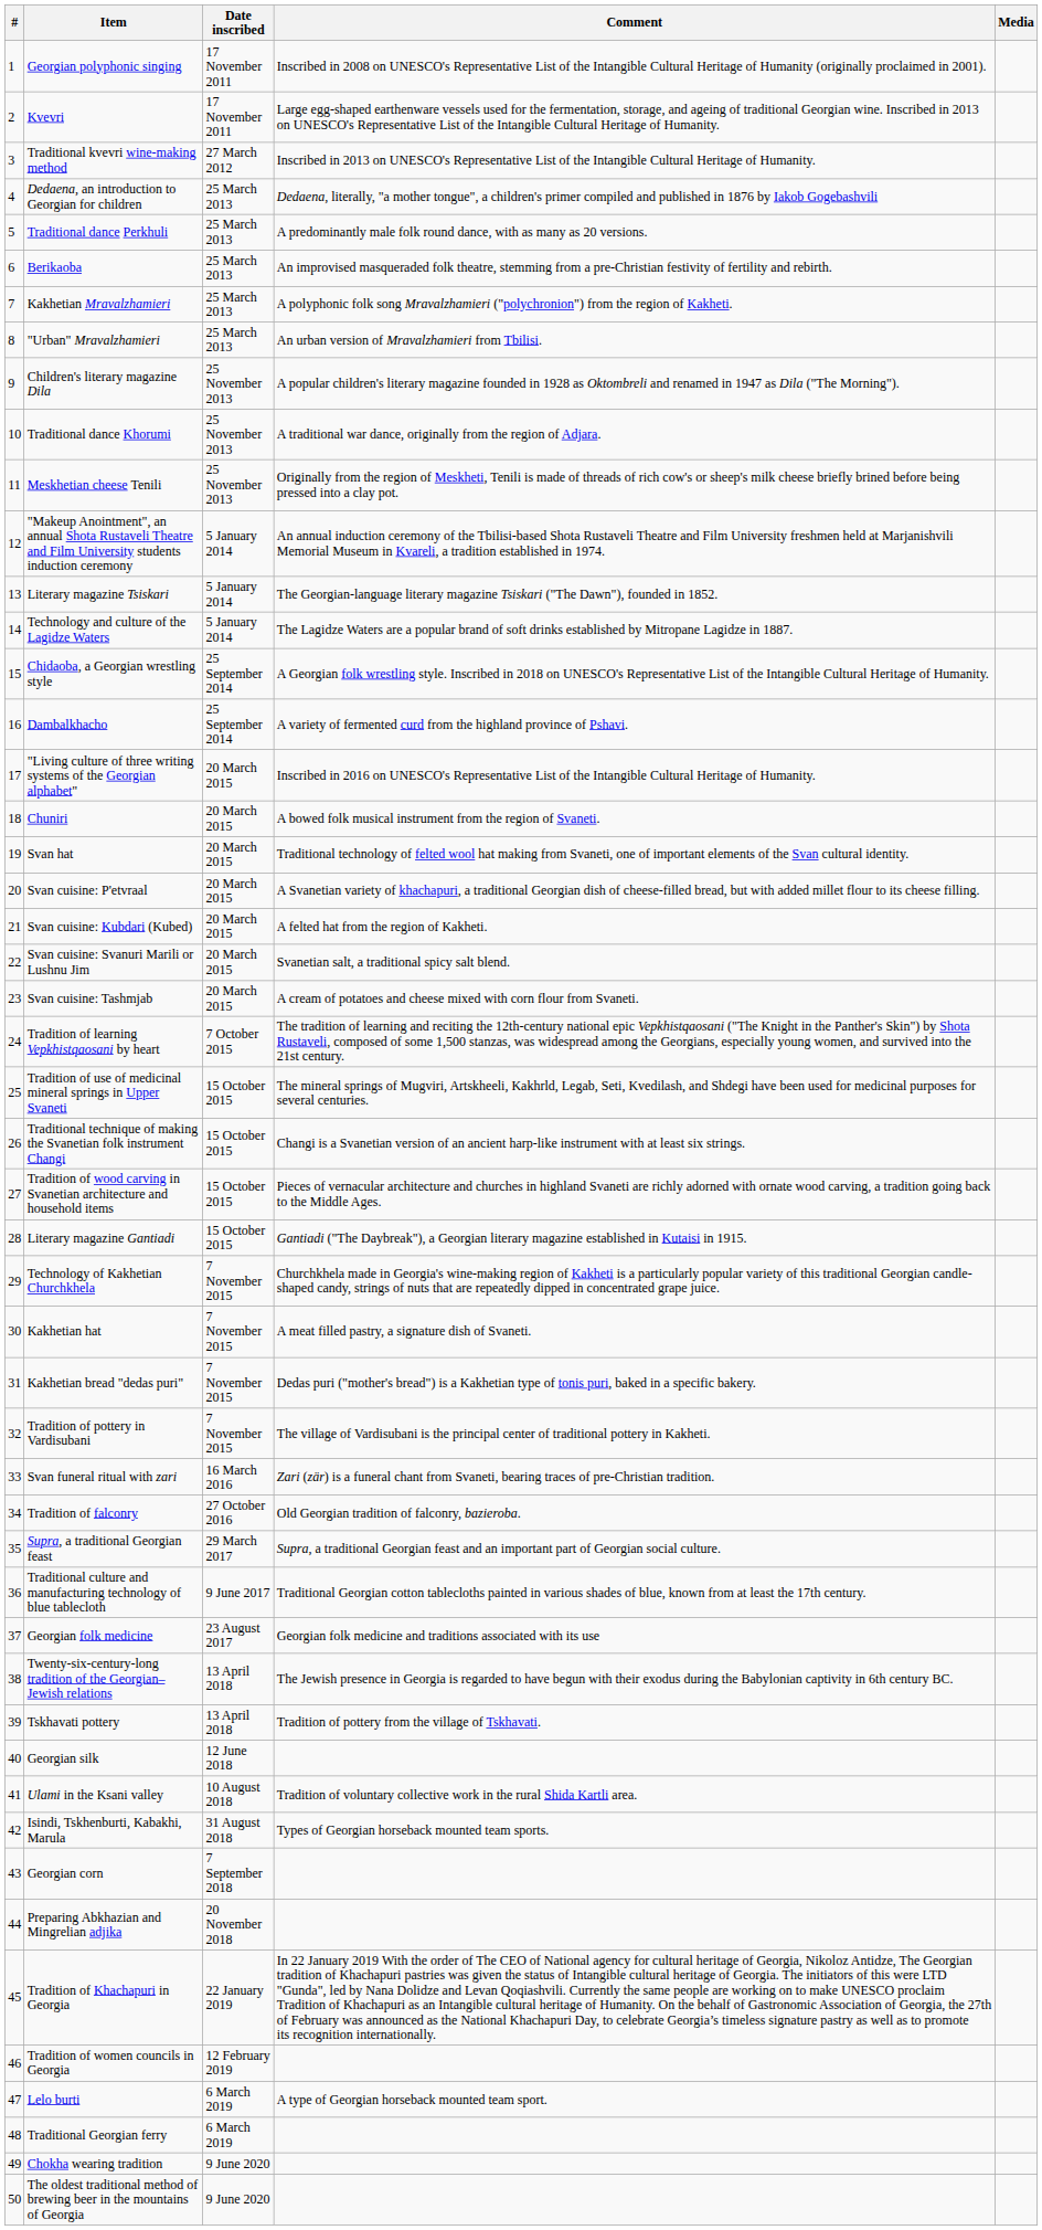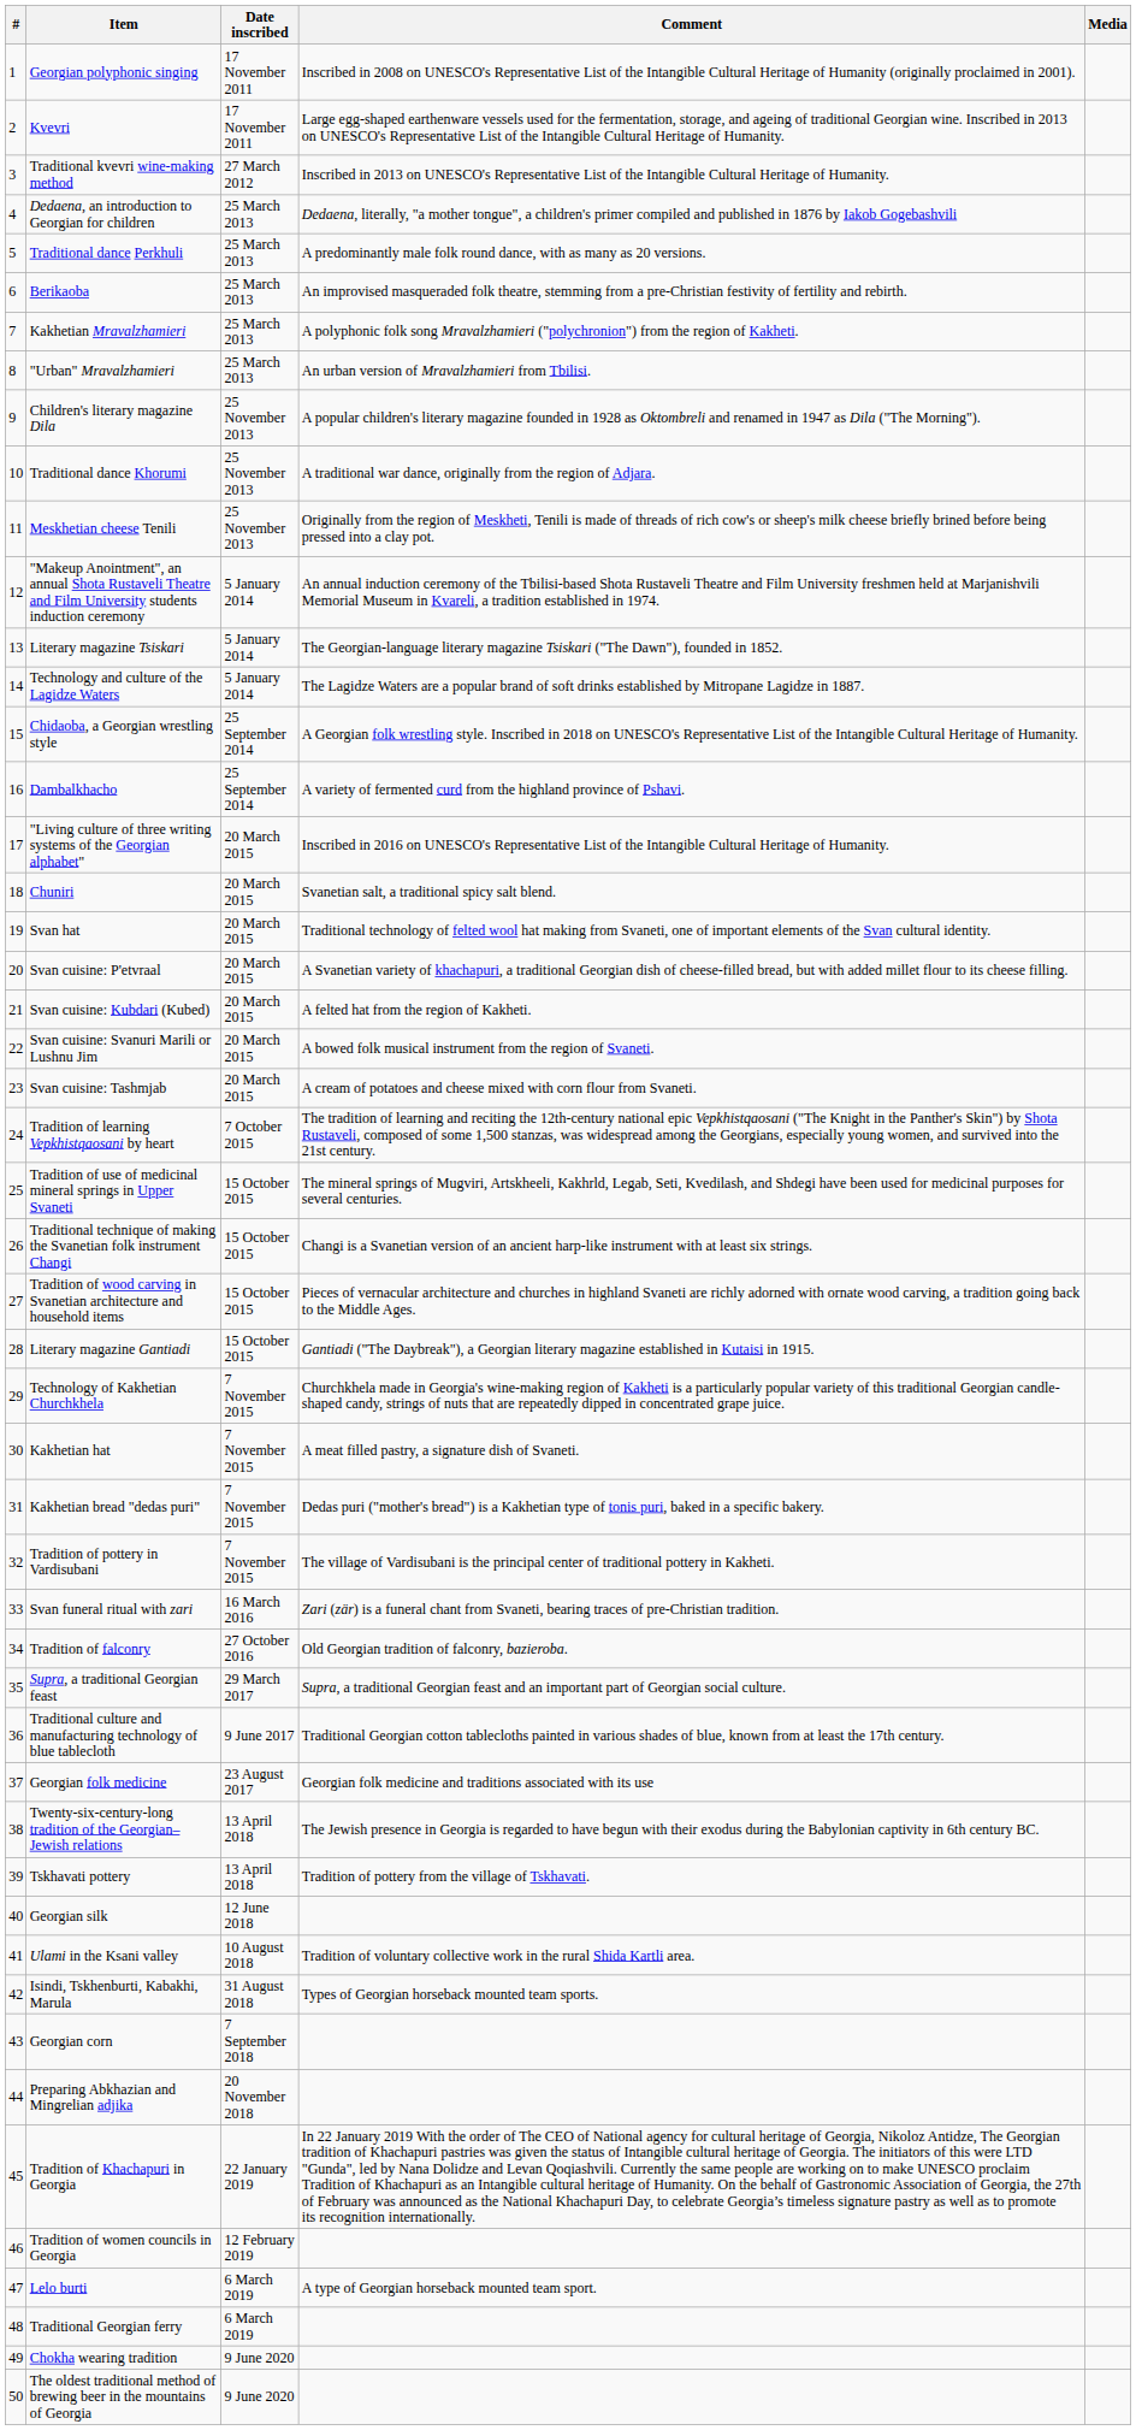 <table class="wikitable">
 <tr>
 <th>#</th>
 <th>Item</th>
 <th>Date inscribed</th>
 <th>Comment</th>
 <th>Media</th>
 </tr>
 <tr>
 <td>1</td>
 <td><a href='#'>Georgian polyphonic singing</a></td>
 <td>17 November 2011</td>
 <td>Inscribed in 2008 on UNESCO's Representative List of the Intangible Cultural Heritage of Humanity (originally proclaimed in 2001).</td>
 <td><br></td>
 </tr>
 <tr>
 <td>2</td>
 <td><a href='#'>Kvevri</a></td>
 <td>17 November 2011</td>
 <td>Large egg-shaped earthenware vessels used for the fermentation, storage, and ageing of traditional Georgian wine. Inscribed in 2013 on UNESCO's Representative List of the Intangible Cultural Heritage of Humanity.</td>
 <td></td>
 </tr>
 <tr>
 <td>3</td>
 <td>Traditional kvevri <a href='#'>wine-making method</a></td>
 <td>27 March 2012</td>
 <td>Inscribed in 2013 on UNESCO's Representative List of the Intangible Cultural Heritage of Humanity.</td>
 <td></td>
 </tr>
 <tr>
 <td>4</td>
 <td><em>Dedaena</em>, an introduction to Georgian for children</td>
 <td>25 March 2013</td>
 <td><em>Dedaena</em>, literally, "a mother tongue", a children's primer compiled and published in 1876 by <a href='#'>Iakob Gogebashvili</a></td>
 <td></td>
 </tr>
 <tr>
 <td>5</td>
 <td><a href='#'>Traditional dance</a> <a href='#'>Perkhuli</a></td>
 <td>25 March 2013</td>
 <td>A predominantly male folk round dance, with as many as 20 versions.</td>
 <td></td>
 </tr>
 <tr>
 <td>6</td>
 <td><a href='#'>Berikaoba</a></td>
 <td>25 March 2013</td>
 <td>An improvised masqueraded folk theatre, stemming from a pre-Christian festivity of fertility and rebirth.</td>
 <td></td>
 </tr>
 <tr>
 <td>7</td>
 <td>Kakhetian <em><a href='#'>Mravalzhamieri</a></em></td>
 <td>25 March 2013</td>
 <td>A polyphonic folk song <em>Mravalzhamieri</em> ("<a href='#'>polychronion</a>") from the region of <a href='#'>Kakheti</a>.</td>
 <td></td>
 </tr>
 <tr>
 <td>8</td>
 <td>"Urban" <em>Mravalzhamieri</em></td>
 <td>25 March 2013</td>
 <td>An urban version of <em>Mravalzhamieri</em> from <a href='#'>Tbilisi</a>.</td>
 <td></td>
 </tr>
 <tr>
 <td>9</td>
 <td>Children's literary magazine <em>Dila</em></td>
 <td>25 November 2013</td>
 <td>A popular children's literary magazine founded in 1928 as <em>Oktombreli</em> and renamed in 1947 as <em>Dila</em> ("The Morning").</td>
 <td></td>
 </tr>
 <tr>
 <td>10</td>
 <td>Traditional dance <a href='#'>Khorumi</a></td>
 <td>25 November 2013</td>
 <td>A traditional war dance, originally from the region of <a href='#'>Adjara</a>.</td>
 <td></td>
 </tr>
 <tr>
 <td>11</td>
 <td><a href='#'>Meskhetian cheese</a> Tenili</td>
 <td>25 November 2013</td>
 <td>Originally from the region of <a href='#'>Meskheti</a>, Tenili is made of threads of rich cow's or sheep's milk cheese briefly brined before being pressed into a clay pot.</td>
 <td></td>
 </tr>
 <tr>
 <td>12</td>
 <td>"Makeup Anointment", an annual <a href='#'>Shota Rustaveli Theatre and Film University</a> students induction ceremony</td>
 <td>5 January 2014</td>
 <td>An annual induction ceremony of the Tbilisi-based Shota Rustaveli Theatre and Film University freshmen held at Marjanishvili Memorial Museum in <a href='#'>Kvareli</a>, a tradition established in 1974.</td>
 <td></td>
 </tr>
 <tr>
 <td>13</td>
 <td>Literary magazine <em>Tsiskari</em></td>
 <td>5 January 2014</td>
 <td>The Georgian-language literary magazine <em>Tsiskari</em> ("The Dawn"), founded in 1852.</td>
 <td></td>
 </tr>
 <tr>
 <td>14</td>
 <td>Technology and culture of the <a href='#'>Lagidze Waters</a></td>
 <td>5 January 2014</td>
 <td>The Lagidze Waters are a popular brand of soft drinks established by Mitropane Lagidze in 1887.</td>
 <td></td>
 </tr>
 <tr>
 <td>15</td>
 <td><a href='#'>Chidaoba</a>, a Georgian wrestling style</td>
 <td>25 September 2014</td>
 <td>A Georgian <a href='#'>folk wrestling</a> style. Inscribed in 2018 on UNESCO's Representative List of the Intangible Cultural Heritage of Humanity.</td>
 <td></td>
 </tr>
 <tr>
 <td>16</td>
 <td><a href='#'>Dambalkhacho</a></td>
 <td>25 September 2014</td>
 <td>A variety of fermented <a href='#'>curd</a> from the highland province of <a href='#'>Pshavi</a>.</td>
 <td></td>
 </tr>
 <tr>
 <td>17</td>
 <td>"Living culture of three writing systems of the <a href='#'>Georgian alphabet</a>"</td>
 <td>20 March 2015</td>
 <td>Inscribed in 2016 on UNESCO's Representative List of the Intangible Cultural Heritage of Humanity.</td>
 <td></td>
 </tr>
 <tr>
 <td>18</td>
 <td><a href='#'>Chuniri</a></td>
 <td>20 March 2015</td>
-<td>A bowed folk musical instrument from the region of <a href='#'>Svaneti</a>.</td>
+<td>Svanetian salt, a traditional spicy salt blend.</td>
 <td></td>
 </tr>
 <tr>
 <td>19</td>
 <td>Svan hat</td>
 <td>20 March 2015</td>
 <td>Traditional technology of <a href='#'>felted wool</a> hat making from Svaneti, one of important elements of the <a href='#'>Svan</a> cultural identity.</td>
 <td></td>
 </tr>
 <tr>
 <td>20</td>
 <td>Svan cuisine: P'etvraal</td>
 <td>20 March 2015</td>
 <td>A Svanetian variety of <a href='#'>khachapuri</a>, a traditional Georgian dish of cheese-filled bread, but with added millet flour to its cheese filling.</td>
 <td></td>
 </tr>
 <tr>
 <td>21</td>
 <td>Svan cuisine: <a href='#'>Kubdari</a> (Kubed)</td>
 <td>20 March 2015</td>
 <td>A felted hat from the region of Kakheti.</td>
 <td></td>
 </tr>
 <tr>
 <td>22</td>
 <td>Svan cuisine: Svanuri Marili or Lushnu Jim</td>
 <td>20 March 2015</td>
-<td>Svanetian salt, a traditional spicy salt blend.</td>
+<td>A bowed folk musical instrument from the region of <a href='#'>Svaneti</a>.</td>
 <td></td>
 </tr>
 <tr>
 <td>23</td>
 <td>Svan cuisine: Tashmjab</td>
 <td>20 March 2015</td>
 <td>A cream of potatoes and cheese mixed with corn flour from Svaneti.</td>
 <td></td>
 </tr>
 <tr>
 <td>24</td>
 <td>Tradition of learning <em><a href='#'>Vepkhistqaosani</a></em> by heart</td>
 <td>7 October 2015</td>
 <td>The tradition of learning and reciting the 12th-century national epic <em>Vepkhistqaosani</em> ("The Knight in the Panther's Skin") by <a href='#'>Shota Rustaveli</a>, composed of some 1,500 stanzas, was widespread among the Georgians, especially young women, and survived into the 21st century.</td>
 <td></td>
 </tr>
 <tr>
 <td>25</td>
 <td>Tradition of use of medicinal mineral springs in <a href='#'>Upper Svaneti</a></td>
 <td>15 October 2015</td>
 <td>The mineral springs of Mugviri, Artskheeli, Kakhrld, Legab, Seti, Kvedilash, and Shdegi have been used for medicinal purposes for several centuries.</td>
 <td></td>
 </tr>
 <tr>
 <td>26</td>
 <td>Traditional technique of making the Svanetian folk instrument <a href='#'>Changi</a></td>
 <td>15 October 2015</td>
 <td>Changi is a Svanetian version of an ancient harp-like instrument with at least six strings.</td>
 <td></td>
 </tr>
 <tr>
 <td>27</td>
 <td>Tradition of <a href='#'>wood carving</a> in Svanetian architecture and household items</td>
 <td>15 October 2015</td>
 <td>Pieces of vernacular architecture and churches in highland Svaneti are richly adorned with ornate wood carving, a tradition going back to the Middle Ages.</td>
 <td></td>
 </tr>
 <tr>
 <td>28</td>
 <td>Literary magazine <em>Gantiadi</em></td>
 <td>15 October 2015</td>
 <td><em>Gantiadi</em> ("The Daybreak"), a Georgian literary magazine established in <a href='#'>Kutaisi</a> in 1915.</td>
 <td></td>
 </tr>
 <tr>
 <td>29</td>
 <td>Technology of Kakhetian <a href='#'>Churchkhela</a></td>
 <td>7 November 2015</td>
 <td>Churchkhela made in Georgia's wine-making region of <a href='#'>Kakheti</a> is a particularly popular variety of this traditional Georgian candle-shaped candy, strings of nuts that are repeatedly dipped in concentrated grape juice.</td>
 <td></td>
 </tr>
 <tr>
 <td>30</td>
 <td>Kakhetian hat</td>
 <td>7 November 2015</td>
 <td>A meat filled pastry, a signature dish of Svaneti.</td>
 <td></td>
 </tr>
 <tr>
 <td>31</td>
 <td>Kakhetian bread "dedas puri"</td>
 <td>7 November 2015</td>
 <td>Dedas puri ("mother's bread") is a Kakhetian type of <a href='#'>tonis puri</a>, baked in a specific bakery.</td>
 <td></td>
 </tr>
 <tr>
 <td>32</td>
 <td>Tradition of pottery in Vardisubani</td>
 <td>7 November 2015</td>
 <td>The village of Vardisubani is the principal center of traditional pottery in Kakheti.</td>
 <td></td>
 </tr>
 <tr>
 <td>33</td>
 <td>Svan funeral ritual with <em>zari</em></td>
 <td>16 March 2016</td>
 <td><em>Zari</em> (<em>zär</em>) is a funeral chant from Svaneti, bearing traces of pre-Christian tradition.</td>
 <td></td>
 </tr>
 <tr>
 <td>34</td>
 <td>Tradition of <a href='#'>falconry</a></td>
 <td>27 October 2016</td>
 <td>Old Georgian tradition of falconry, <em>bazieroba</em>.</td>
 <td></td>
 </tr>
 <tr>
 <td>35</td>
 <td><em><a href='#'>Supra</a></em>, a traditional Georgian feast</td>
 <td>29 March 2017</td>
 <td><em>Supra</em>, a traditional Georgian feast and an important part of Georgian social culture.</td>
 <td></td>
 </tr>
 <tr>
 <td>36</td>
 <td>Traditional culture and manufacturing technology of blue tablecloth</td>
 <td>9 June 2017</td>
 <td>Traditional Georgian cotton tablecloths painted in various shades of blue, known from at least the 17th century.</td>
 <td></td>
 </tr>
 <tr>
 <td>37</td>
 <td>Georgian <a href='#'>folk medicine</a></td>
 <td>23 August 2017</td>
 <td>Georgian folk medicine and traditions associated with its use</td>
 <td></td>
 </tr>
 <tr>
 <td>38</td>
 <td>Twenty-six-century-long <a href='#'>tradition of the Georgian–Jewish relations</a></td>
 <td>13 April 2018</td>
 <td>The Jewish presence in Georgia is regarded to have begun with their exodus during the Babylonian captivity in 6th century BC.</td>
 <td></td>
 </tr>
 <tr>
 <td>39</td>
 <td>Tskhavati pottery</td>
 <td>13 April 2018</td>
 <td>Tradition of pottery from the village of <a href='#'>Tskhavati</a>.</td>
 <td></td>
 </tr>
 <tr>
 <td>40</td>
 <td>Georgian silk</td>
 <td>12 June 2018</td>
 <td></td>
 <td></td>
 </tr>
 <tr>
 <td>41</td>
 <td><em>Ulami</em> in the Ksani valley</td>
 <td>10 August 2018</td>
 <td>Tradition of voluntary collective work in the rural <a href='#'>Shida Kartli</a> area.</td>
 <td></td>
 </tr>
 <tr>
 <td>42</td>
 <td>Isindi, Tskhenburti, Kabakhi, Marula</td>
 <td>31 August 2018</td>
 <td>Types of Georgian horseback mounted team sports.</td>
 <td></td>
 </tr>
 <tr>
 <td>43</td>
 <td>Georgian corn</td>
 <td>7 September 2018</td>
 <td></td>
 <td></td>
 </tr>
 <tr>
 <td>44</td>
 <td>Preparing Abkhazian and Mingrelian <a href='#'>adjika</a></td>
 <td>20 November 2018</td>
 <td></td>
 <td></td>
 </tr>
 <tr>
 <td>45</td>
 <td>Tradition of <a href='#'>Khachapuri</a> in Georgia</td>
 <td>22 January 2019</td>
 <td>In 22 January 2019 With the order of The CEO of National agency for cultural heritage of Georgia, Nikoloz Antidze, The Georgian tradition of Khachapuri pastries was given the status of Intangible cultural heritage of Georgia. The initiators of this were LTD "Gunda", led by Nana Dolidze and Levan Qoqiashvili. Currently the same people are working on to make UNESCO proclaim Tradition of Khachapuri as an Intangible cultural heritage of Humanity. On the behalf of Gastronomic Association of Georgia, the 27th of February was announced as the National Khachapuri Day, to celebrate Georgia’s timeless signature pastry as well as to promote its recognition internationally.</td>
 <td></td>
 </tr>
 <tr>
 <td>46</td>
 <td>Tradition of women councils in Georgia</td>
 <td>12 February 2019</td>
 <td></td>
 <td></td>
 </tr>
 <tr>
 <td>47</td>
 <td><a href='#'>Lelo burti</a></td>
 <td>6 March 2019</td>
 <td>A type of Georgian horseback mounted team sport.</td>
 <td></td>
 </tr>
 <tr>
 <td>48</td>
 <td>Traditional Georgian ferry</td>
 <td>6 March 2019</td>
 <td></td>
 <td></td>
 </tr>
 <tr>
 <td>49</td>
 <td><a href='#'>Chokha</a> wearing tradition</td>
 <td>9 June 2020</td>
 <td></td>
 <td></td>
 </tr>
 <tr>
 <td>50</td>
 <td>The oldest traditional method of brewing beer in the mountains of Georgia</td>
 <td>9 June 2020</td>
 <td></td>
 <td></td>
 </tr>
 </table>
